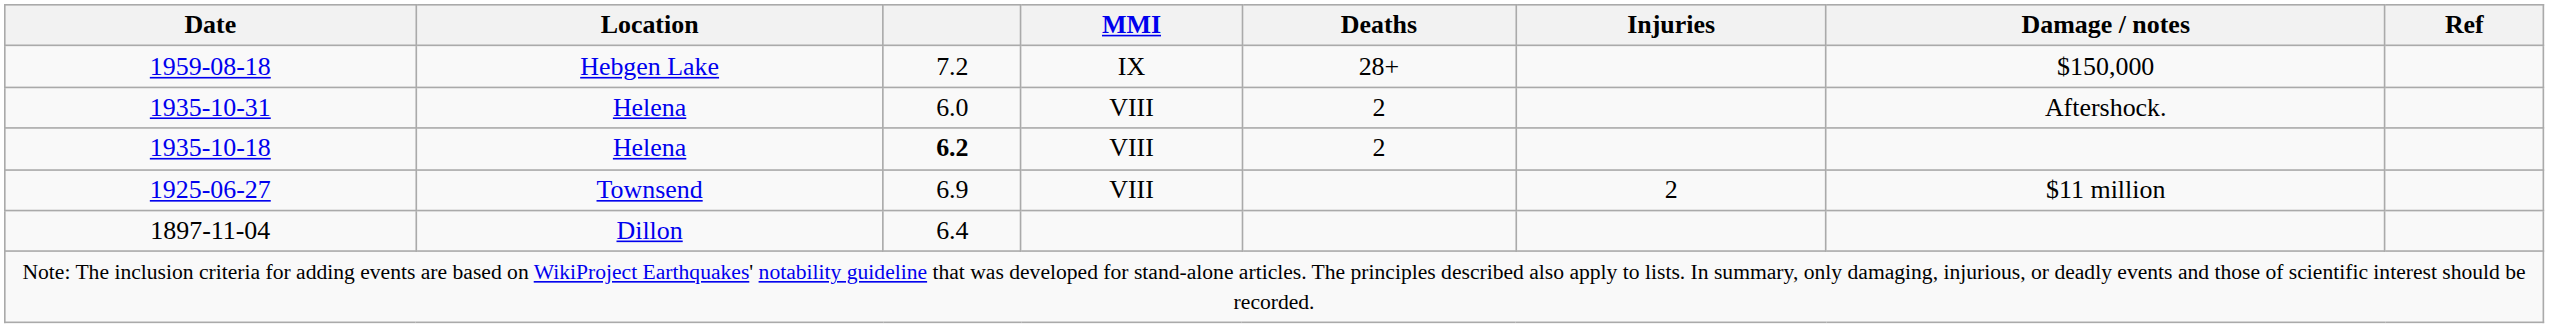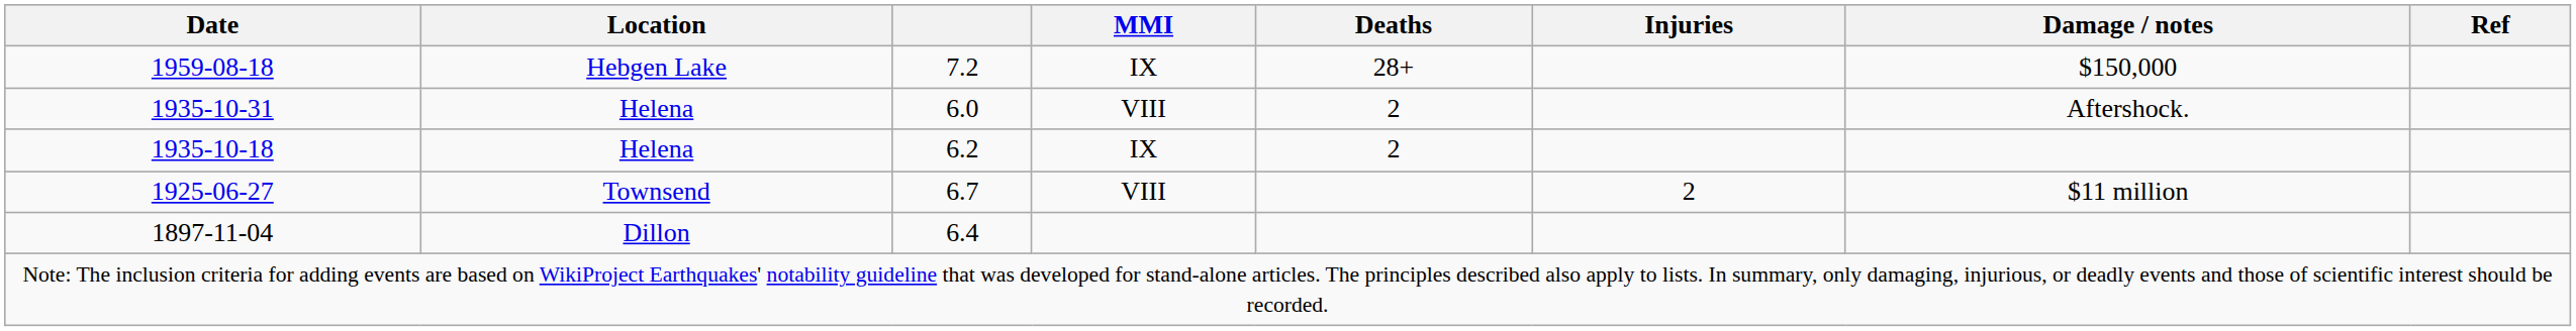 <table class="wikitable sortable" style="text-align: center;">
 <tr>
 <th>Date</th>
 <th>Location</th>
 <th></th>
 <th><a href='#'>MMI</a></th>
 <th>Deaths</th>
 <th>Injuries</th>
 <th>Damage / notes</th>
 <th scope="col" class="unsortable">Ref</th>
 </tr>
 <tr>
 <td><a href='#'>1959-08-18</a></td>
 <td><a href='#'>Hebgen Lake</a></td>
 <td>7.2 </td>
 <td>IX</td>
 <td>28+</td>
 <td></td>
 <td>$150,000</td>
 <td></td>
 </tr>
 <tr>
 <td><a href='#'>1935-10-31</a></td>
 <td><a href='#'>Helena</a></td>
 <td>6.0 </td>
 <td>VIII</td>
 <td>2</td>
 <td></td>
 <td>Aftershock.</td>
 <td></td>
 </tr>
 <tr>
 <td><a href='#'>1935-10-18</a></td>
 <td><a href='#'>Helena</a></td>
-<td><strong>6.2 </strong></td>
-<td>VIII</td>
+<td>6.2 </td>
+<td>IX</td>
 <td>2</td>
 <td></td>
 <td></td>
 <td></td>
 </tr>
 <tr>
 <td><a href='#'>1925-06-27</a></td>
 <td><a href='#'>Townsend</a></td>
-<td>6.9 </td>
+<td>6.7 </td>
 <td>VIII</td>
 <td></td>
 <td>2</td>
 <td>$11 million</td>
 <td></td>
 </tr>
 <tr>
 <td>1897-11-04</td>
 <td><a href='#'>Dillon</a></td>
 <td>6.4 </td>
 <td></td>
 <td></td>
 <td></td>
 <td></td>
 <td></td>
 </tr>
 <tr class="sortbottom">
 <td colspan="09" style="text-align: center;"><small>Note: The inclusion criteria for adding events are based on <a href='#'>WikiProject Earthquakes</a>' <a href='#'>notability guideline</a> that was developed for stand-alone articles. The principles described also apply to lists. In summary, only damaging, injurious, or deadly events and those of scientific interest should be recorded.</small></td>
 </tr>
 </table>
